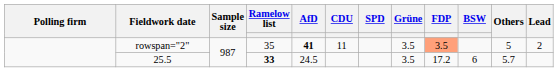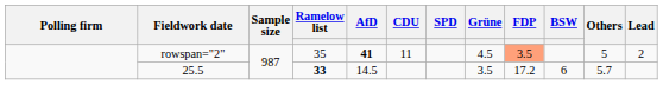 <table class="wikitable sortable" style="text-align:center;font-size:90%;line-height:14px;">
 <tr style="height:40px;">
 <th style="width:150px;" rowspan="2">Polling firm</th>
 <th style="width:125px;" rowspan="2">Fieldwork date</th>
 <th style="width:35px;" rowspan="2">Sample<br>size</th>
 <th class="unsortable" style="width:40px;"><a href='#'>Ramelow</a> list</th>
 <th class="unsortable" style="width:40px;"><a href='#'>AfD</a></th>
 <th class="unsortable" style="width:40px;"><a href='#'>CDU</a></th>
 <th class="unsortable" style="width:40px;"><a href='#'>SPD</a></th>
 <th class="unsortable" style="width:40px;"><a href='#'>Grüne</a></th>
 <th class="unsortable" style="width:40px;"><a href='#'>FDP</a></th>
 <th class="unsortable" style="width:40px;"><a href='#'>BSW</a></th>
 <th class="unsortable" style="width:40px;" rowspan="2">Others</th>
 <th style="width:30px;" rowspan="2">Lead</th>
 </tr>
 <tr>
 <th style="background:"></th>
 <th style="background:"></th>
 <th style="background:"></th>
 <th style="background:"></th>
 <th style="background:"></th>
 <th style="background:"></th>
 <th style="background:"></th>
 </tr>
 <tr>
 <td rowspan="2"></td>
 <td>rowspan="2" </td>
 <td rowspan="2">987</td>
 <td>35</td>
 <td><strong>41</strong></td>
 <td>11</td>
 <td></td>
-<td>3.5</td>
+<td>4.5</td>
 <td style="background: lightsalmon;">3.5</td>
 <td></td>
 <td>5</td>
 <td style="background:">2</td>
 </tr>
 <tr>
 <td>25.5</td>
 <td><strong>33</strong></td>
-<td>24.5</td>
+<td>14.5</td>
 <td></td>
 <td></td>
 <td>3.5</td>
 <td>17.2</td>
 <td>6</td>
 <td style="background:">5.7</td>
 </tr>
 </table>
